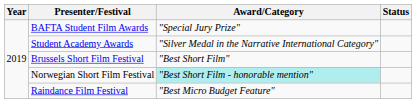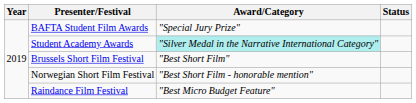 <table class="wikitable">
 <tr>
 <th>Year</th>
 <th>Presenter/Festival</th>
 <th>Award/Category</th>
 <th>Status</th>
 </tr>
 <tr>
 <td rowspan="5">2019</td>
 <td><a href='#'>BAFTA Student Film Awards</a></td>
 <td><em>"Special Jury Prize"</em></td>
 <td></td>
 </tr>
 <tr>
 <td><a href='#'>Student Academy Awards</a></td>
-<td><em>"Silver Medal in the Narrative International Category"</em></td>
+<td style="background: paleturquoise;"><em>"Silver Medal in the Narrative International Category"</em></td>
 <td></td>
 </tr>
 <tr>
 <td><a href='#'>Brussels Short Film Festival</a></td>
 <td><em>"Best Short Film"</em></td>
 <td></td>
 </tr>
 <tr>
 <td>Norwegian Short Film Festival</td>
-<td style="background: paleturquoise;"><em>"Best Short Film - honorable mention"</em></td>
+<td><em>"Best Short Film - honorable mention"</em></td>
 <td></td>
 </tr>
 <tr>
 <td><a href='#'>Raindance Film Festival</a></td>
 <td><em>"Best Micro Budget Feature"</em></td>
 <td></td>
 </tr>
 </table>
